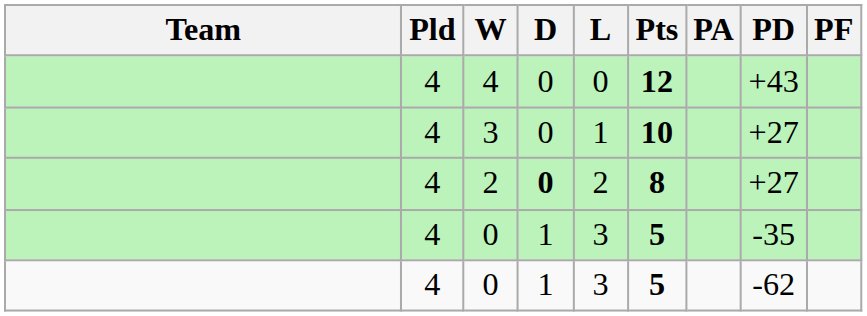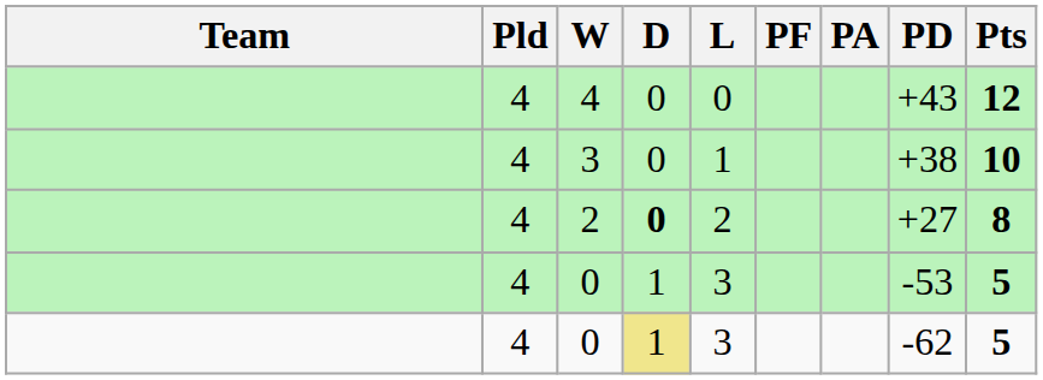 <table class="wikitable" style="text-align:center;">
 <tr>
 <th width=190>Team</th>
 <th width=20 abbr="Played">Pld</th>
 <th width=20 abbr="Won">W</th>
 <th width=20 abbr="Drawn">D</th>
 <th width=20 abbr="Lost">L</th>
-<th width=20 abbr="Points">Pts</th>
+<th width=20 abbr="Points for">PF</th>
 <th width=20 abbr="Points against">PA</th>
 <th width=25 abbr="Points difference">PD</th>
-<th width=20 abbr="Points for">PF</th>
+<th width=20 abbr="Points">Pts</th>
 </tr>
 <tr bgcolor=BBF3BB>
 <td align=left></td>
 <td>4</td>
 <td>4</td>
 <td>0</td>
 <td>0</td>
-<td><strong>12</strong></td>
+<td></td>
 <td></td>
 <td>+43</td>
-<td></td>
+<td><strong>12</strong></td>
 </tr>
 <tr bgcolor=BBF3BB>
 <td align=left></td>
 <td>4</td>
 <td>3</td>
 <td>0</td>
 <td>1</td>
+<td></td>
+<td></td>
+<td>+38</td>
 <td><strong>10</strong></td>
-<td></td>
-<td>+27</td>
-<td></td>
 </tr>
 <tr bgcolor=BBF3BB>
 <td align=left></td>
 <td>4</td>
 <td>2</td>
 <td><strong>0</strong></td>
 <td>2</td>
-<td><strong>8</strong></td>
+<td></td>
 <td></td>
 <td>+27</td>
-<td></td>
+<td><strong>8</strong></td>
 </tr>
 <tr bgcolor=BBF3BB>
 <td align=left></td>
 <td>4</td>
 <td>0</td>
 <td>1</td>
 <td>3</td>
+<td></td>
+<td></td>
+<td>-53</td>
 <td><strong>5</strong></td>
-<td></td>
-<td>-35</td>
-<td></td>
 </tr>
 <tr>
 <td align=left></td>
 <td>4</td>
 <td>0</td>
-<td>1</td>
+<td style="background: khaki;">1</td>
 <td>3</td>
-<td><strong>5</strong></td>
+<td></td>
 <td></td>
 <td>-62</td>
-<td></td>
+<td><strong>5</strong></td>
 </tr>
 </table>
